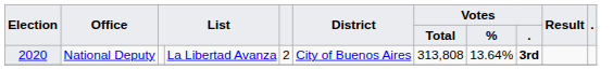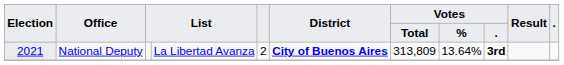 <table class="wikitable" style="font-size:90%; text-align:center;">
 <tr>
 <th style="background-color:#EAECF0;" rowspan=2>Election</th>
 <th style="background-color:#EAECF0;" rowspan=2>Office</th>
 <th style="background-color:#EAECF0;" colspan=2 rowspan=2>List</th>
 <th style="background-color:#EAECF0;" rowspan=2></th>
 <th style="background-color:#EAECF0;" rowspan=2>District</th>
 <th style="background-color:#EAECF0;" colspan=3>Votes</th>
 <th style="background-color:#EAECF0;" rowspan=2>Result</th>
 <th style="background-color:#EAECF0;" rowspan=2>.</th>
 </tr>
 <tr>
 <th style="background-color:#EAECF0;">Total</th>
 <th style="background-color:#EAECF0;">%</th>
 <th style="background-color:#EAECF0;">.</th>
 </tr>
 <tr>
-<td style="background-color:#EAECF0;"><a href='#'>2020</a></td>
+<td style="background-color:#EAECF0;"><a href='#'>2021</a></td>
 <td><a href='#'>National Deputy</a></td>
 <td style="background-color:"></td>
 <td><a href='#'>La Libertad Avanza</a></td>
 <td>2</td>
-<td><a href='#'>City of Buenos Aires</a></td>
-<td>313,808</td>
+<td><strong><a href='#'>City of Buenos Aires</a></strong></td>
+<td>313,809</td>
 <td>13.64%</td>
 <td><strong>3rd</strong></td>
 <td></td>
 <td></td>
 </tr>
 <tr>
 </tr>
 </table>
